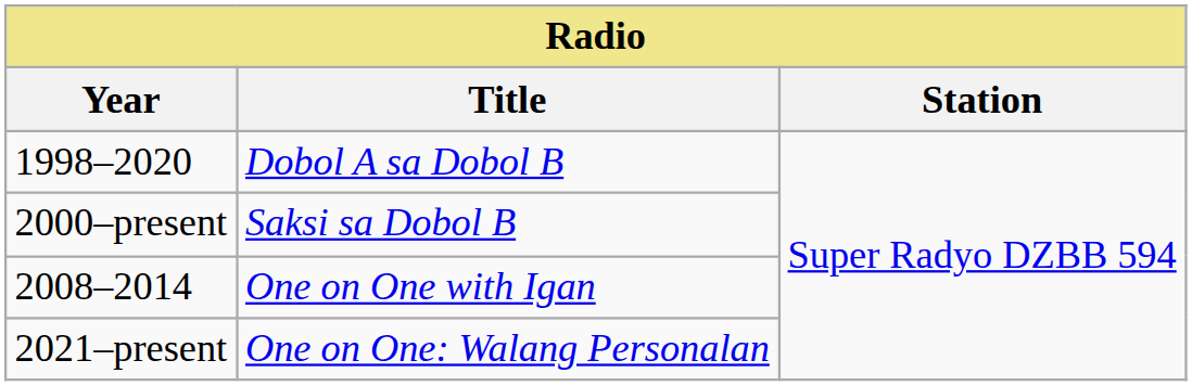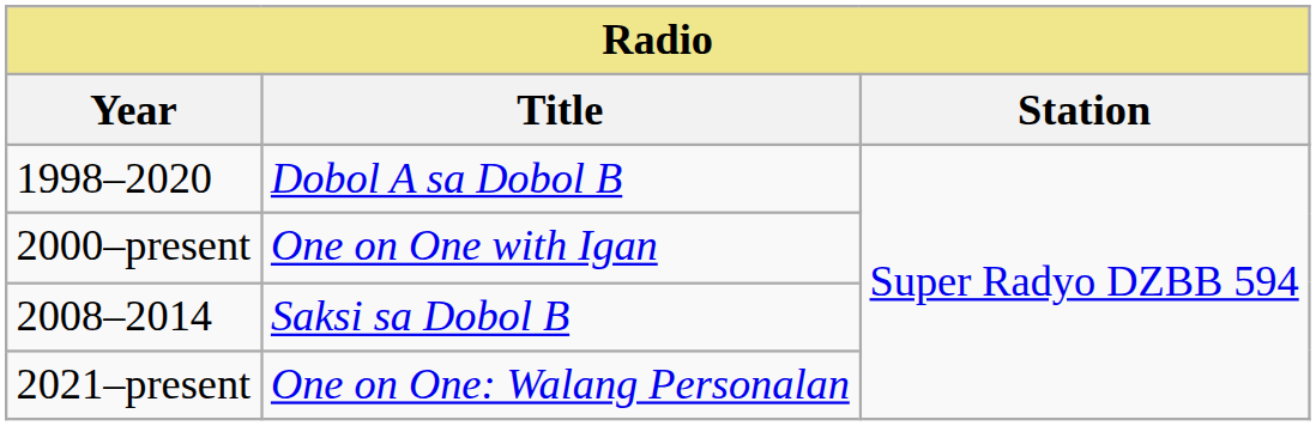 <table class="wikitable">
 <tr>
 <th colspan="3" style="background: Khaki;">Radio</th>
 </tr>
 <tr>
 <th>Year</th>
 <th>Title</th>
 <th>Station</th>
 </tr>
 <tr>
 <td>1998–2020</td>
 <td><em><a href='#'>Dobol A sa Dobol B</a></em></td>
 <td rowspan="4"><a href='#'>Super Radyo DZBB 594</a></td>
 </tr>
 <tr>
 <td>2000–present</td>
-<td><em><a href='#'>Saksi sa Dobol B</a></em></td>
+<td><em><a href='#'>One on One with Igan</a></em></td>
 </tr>
 <tr>
 <td>2008–2014</td>
-<td><em><a href='#'>One on One with Igan</a></em></td>
+<td><em><a href='#'>Saksi sa Dobol B</a></em></td>
 </tr>
 <tr>
 <td>2021–present</td>
 <td><em><a href='#'>One on One: Walang Personalan</a></em></td>
 </tr>
 </table>
